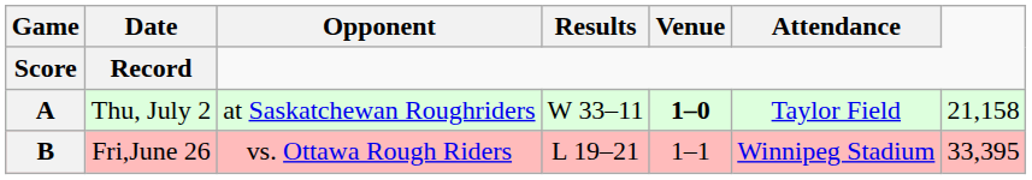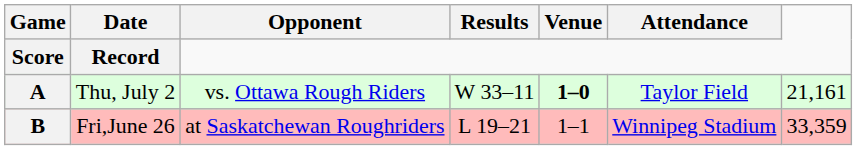 <table class="wikitable" style="text-align:center">
 <tr>
 <th>Game</th>
 <th>Date</th>
 <th>Opponent</th>
 <th>Results</th>
 <th>Venue</th>
 <th>Attendance</th>
 </tr>
 <tr>
 <th>Score</th>
 <th>Record</th>
 </tr>
 <tr style="background:#ddffdd">
 <th>A</th>
 <td>Thu, July 2</td>
-<td>at <a href='#'>Saskatchewan Roughriders</a></td>
+<td>vs. <a href='#'>Ottawa Rough Riders</a></td>
 <td>W 33–11</td>
 <td><strong>1–0</strong></td>
 <td><a href='#'>Taylor Field</a></td>
-<td>21,158</td>
+<td>21,161</td>
 </tr>
 <tr style="background:#ffbbbb">
 <th>B</th>
 <td>Fri,June 26</td>
-<td>vs. <a href='#'>Ottawa Rough Riders</a></td>
+<td>at <a href='#'>Saskatchewan Roughriders</a></td>
 <td>L 19–21</td>
 <td>1–1</td>
 <td><a href='#'>Winnipeg Stadium</a></td>
-<td>33,395</td>
+<td>33,359</td>
 </tr>
 </table>
